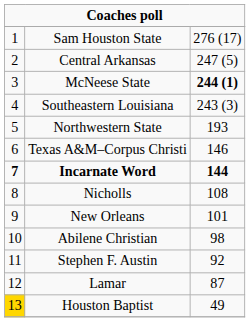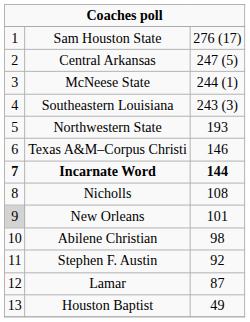 <table class="wikitable">
 <tr align="center">
 <td align="center" Colspan="3"><strong>Coaches poll</strong></td>
 </tr>
 <tr align="center">
 </tr>
 <tr align="center">
 <td>1</td>
 <td>Sam Houston State</td>
 <td>276 (17)</td>
 </tr>
 <tr align="center">
 <td>2</td>
 <td>Central Arkansas</td>
 <td>247 (5)</td>
 </tr>
 <tr align="center">
 <td>3</td>
 <td>McNeese State</td>
-<td><strong>244 (1)</strong></td>
+<td>244 (1)</td>
 </tr>
 <tr align="center">
 <td>4</td>
 <td>Southeastern Louisiana</td>
 <td>243 (3)</td>
 </tr>
 <tr align="center">
 <td>5</td>
 <td>Northwestern State</td>
 <td>193</td>
 </tr>
 <tr align="center">
 <td>6</td>
 <td>Texas A&M–Corpus Christi</td>
 <td>146</td>
 </tr>
 <tr align="center">
 <td><strong>7</strong></td>
 <td><strong>Incarnate Word</strong></td>
 <td><strong>144</strong></td>
 </tr>
 <tr align="center">
 <td>8</td>
 <td>Nicholls</td>
 <td>108</td>
 </tr>
 <tr align="center">
-<td>9</td>
+<td style="background: lightgrey;">9</td>
 <td>New Orleans</td>
 <td>101</td>
 </tr>
 <tr align="center">
 <td>10</td>
 <td>Abilene Christian</td>
 <td>98</td>
 </tr>
 <tr align="center">
 <td>11</td>
 <td>Stephen F. Austin</td>
 <td>92</td>
 </tr>
 <tr align="center">
 <td>12</td>
 <td>Lamar</td>
 <td>87</td>
 </tr>
 <tr align="center">
-<td style="background: gold;">13</td>
+<td>13</td>
 <td>Houston Baptist</td>
 <td>49</td>
 </tr>
 <tr align="center">
 </tr>
 </table>
